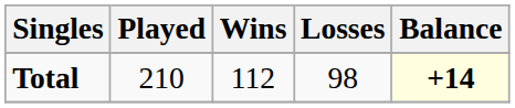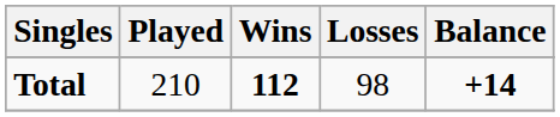 <table class="wikitable" style="text-align:center">
 <tr>
 <th>Singles</th>
 <th>Played</th>
 <th>Wins</th>
 <th>Losses</th>
 <th>Balance</th>
 </tr>
 <tr>
 </tr>
 <tr>
 <td align=left><strong>Total</strong></td>
 <td>210</td>
-<td>112</td>
+<td><strong>112</strong></td>
 <td>98</td>
-<td style="background: lightyellow;"><strong>+14</strong></td>
+<td><strong>+14</strong></td>
 </tr>
 <tr>
 </tr>
 </table>
